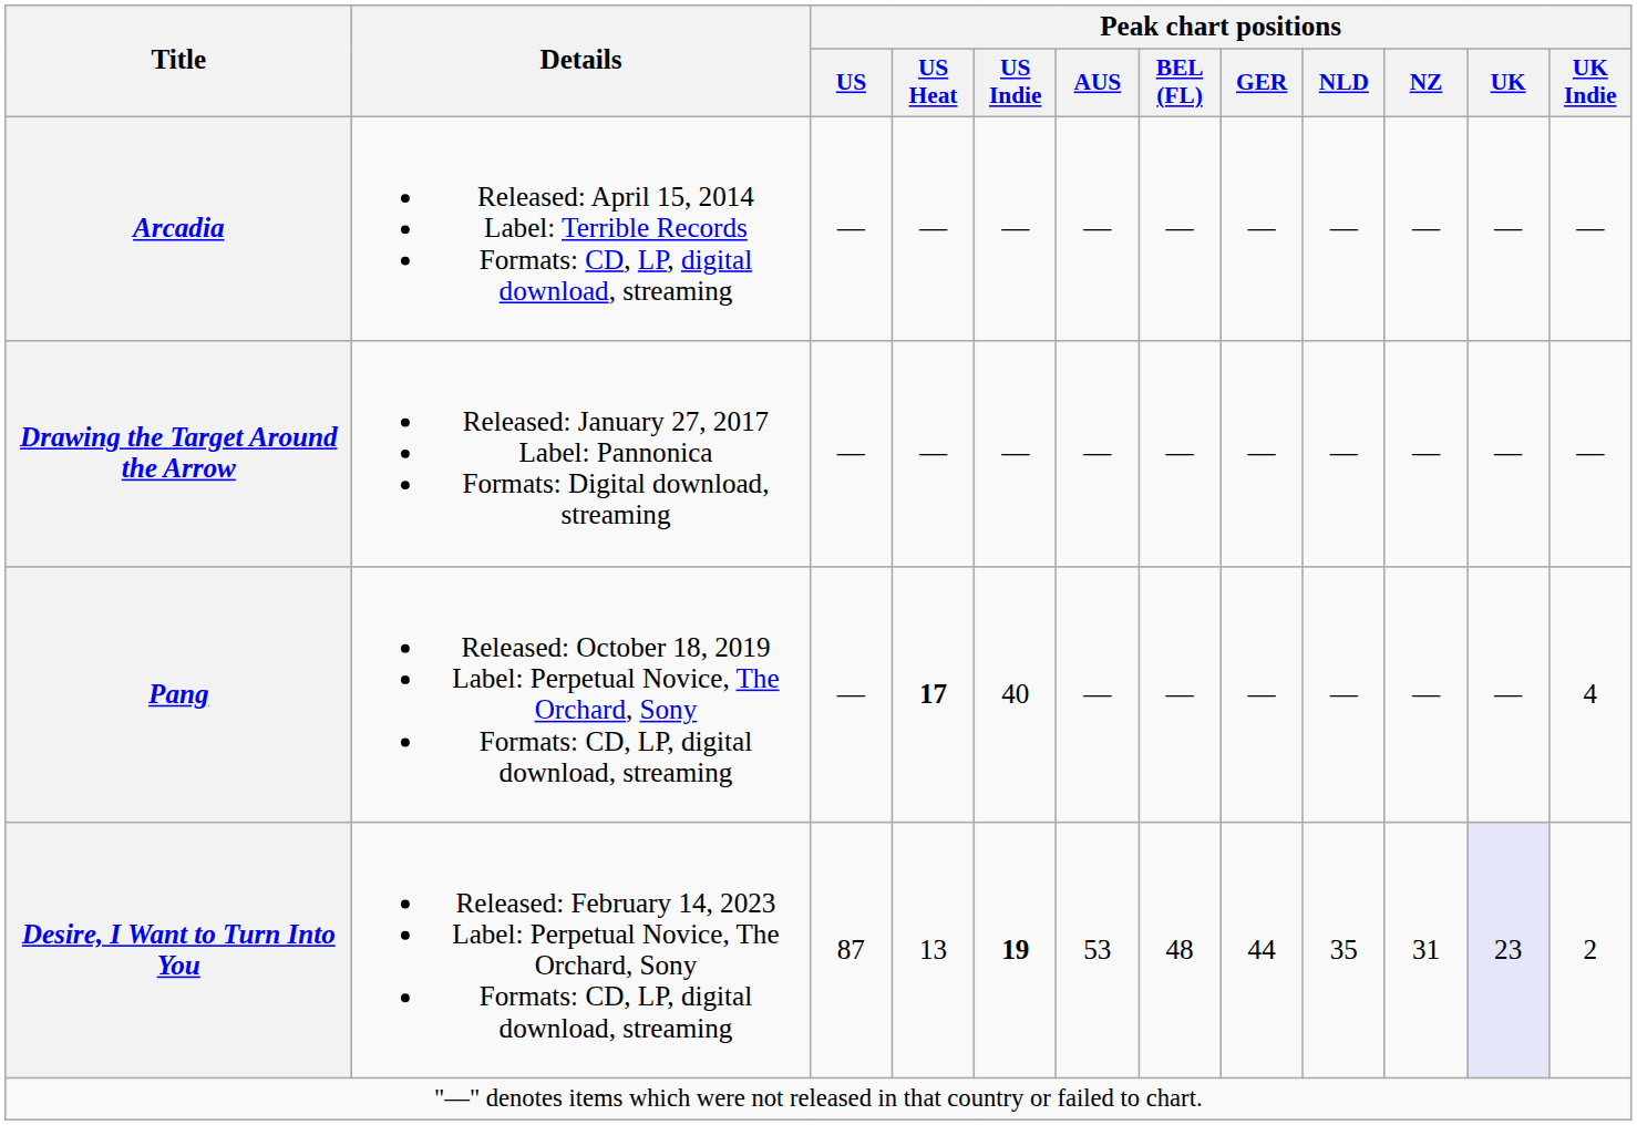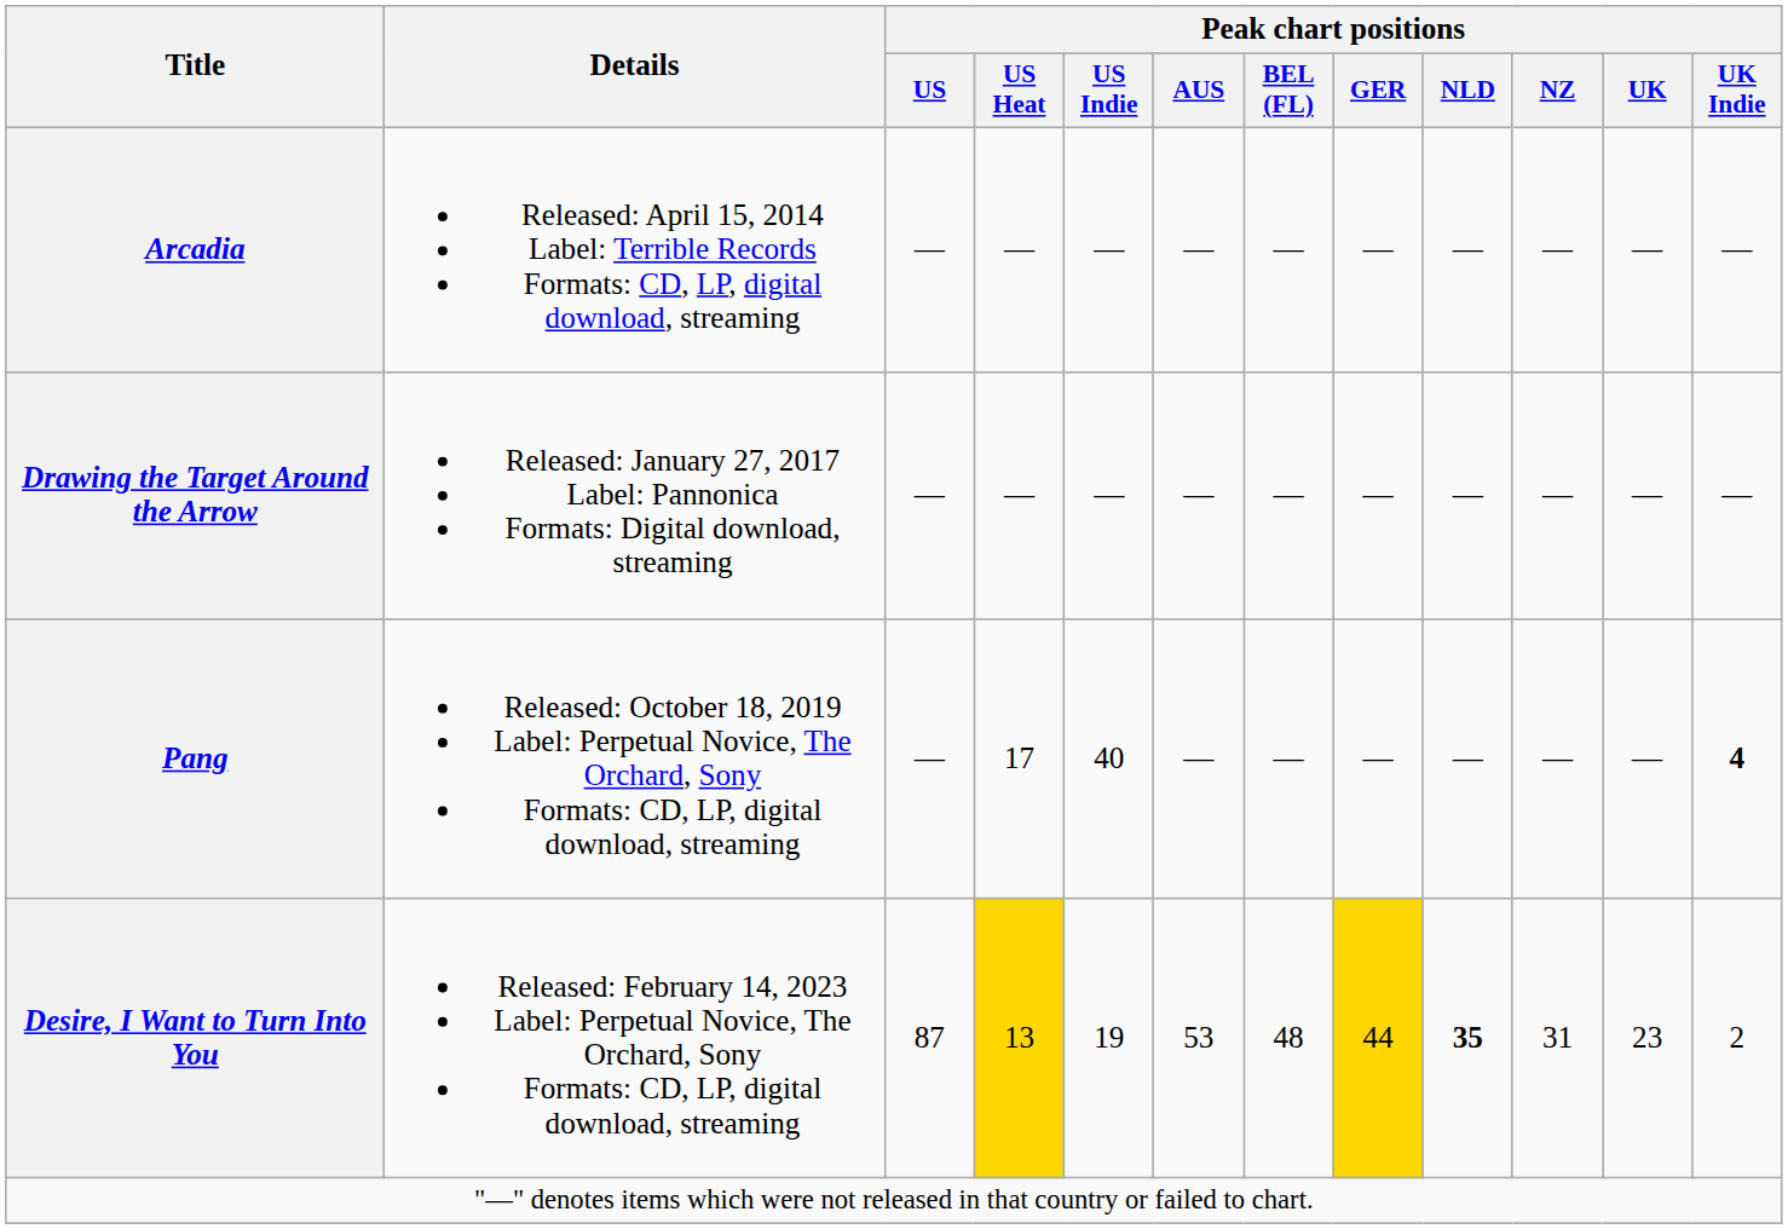 <table class="wikitable plainrowheaders" style="text-align:center">
 <tr>
 <th scope="col" rowspan="2" style="width:12em;">Title</th>
 <th scope="col" rowspan="2" style="width:16em;">Details</th>
 <th scope="col" colspan="10">Peak chart positions</th>
 </tr>
 <tr>
 <th scope="col" style="width:3em;font-size:85%;"><a href='#'>US</a><br></th>
 <th scope="col" style="width:3em;font-size:85%;"><a href='#'>US<br>Heat</a><br></th>
 <th scope="col" style="width:3em;font-size:85%;"><a href='#'>US<br>Indie</a><br></th>
 <th scope="col" style="width:3em;font-size:85%;"><a href='#'>AUS</a><br></th>
 <th scope="col" style="width:3em;font-size:85%;"><a href='#'>BEL<br>(FL)</a><br></th>
 <th scope="col" style="width:3em;font-size:85%;"><a href='#'>GER</a><br></th>
 <th scope="col" style="width:3em;font-size:85%;"><a href='#'>NLD</a><br></th>
 <th scope="col" style="width:3em;font-size:85%;"><a href='#'>NZ</a><br></th>
 <th scope="col" style="width:3em;font-size:85%;"><a href='#'>UK</a><br></th>
 <th scope="col" style="width:3em;font-size:85%;"><a href='#'>UK<br>Indie</a><br></th>
 </tr>
 <tr>
 <th scope="row"><em><a href='#'>Arcadia</a></em> </th>
 <td><br><ul><li>Released: April 15, 2014</li><li>Label: <a href='#'>Terrible Records</a></li><li>Formats: <a href='#'>CD</a>, <a href='#'>LP</a>, <a href='#'>digital download</a>, streaming</li></ul></td>
 <td>—</td>
 <td>—</td>
 <td>—</td>
 <td>—</td>
 <td>—</td>
 <td>—</td>
 <td>—</td>
 <td>—</td>
 <td>—</td>
 <td>—</td>
 </tr>
 <tr>
 <th scope="row"><em><a href='#'>Drawing the Target Around the Arrow</a></em> </th>
 <td><br><ul><li>Released: January 27, 2017</li><li>Label: Pannonica</li><li>Formats: Digital download, streaming</li></ul></td>
 <td>—</td>
 <td>—</td>
 <td>—</td>
 <td>—</td>
 <td>—</td>
 <td>—</td>
 <td>—</td>
 <td>—</td>
 <td>—</td>
 <td>—</td>
 </tr>
 <tr>
 <th scope="row"><em><a href='#'>Pang</a></em></th>
 <td><br><ul><li>Released: October 18, 2019</li><li>Label: Perpetual Novice, <a href='#'>The Orchard</a>, <a href='#'>Sony</a></li><li>Formats: CD, LP, digital download, streaming</li></ul></td>
 <td>—</td>
-<td><strong>17</strong></td>
+<td>17</td>
 <td>40</td>
 <td>—</td>
 <td>—</td>
 <td>—</td>
 <td>—</td>
 <td>—</td>
 <td>—</td>
-<td>4</td>
+<td><strong>4</strong></td>
 </tr>
 <tr>
 <th scope="row"><em><a href='#'>Desire, I Want to Turn Into You</a></em></th>
 <td><br><ul><li>Released: February 14, 2023</li><li>Label: Perpetual Novice, The Orchard, Sony</li><li>Formats: CD, LP, digital download, streaming</li></ul></td>
 <td>87</td>
-<td>13</td>
-<td><strong>19</strong></td>
+<td style="background: gold;">13</td>
+<td>19</td>
 <td>53</td>
 <td>48</td>
-<td>44</td>
-<td>35</td>
+<td style="background: gold;">44</td>
+<td><strong>35</strong></td>
 <td>31</td>
-<td style="background: lavender;">23</td>
+<td>23</td>
 <td>2</td>
 </tr>
 <tr>
 <td colspan="16" align="center" style="font-size:90%;">"—" denotes items which were not released in that country or failed to chart.</td>
 </tr>
 </table>
